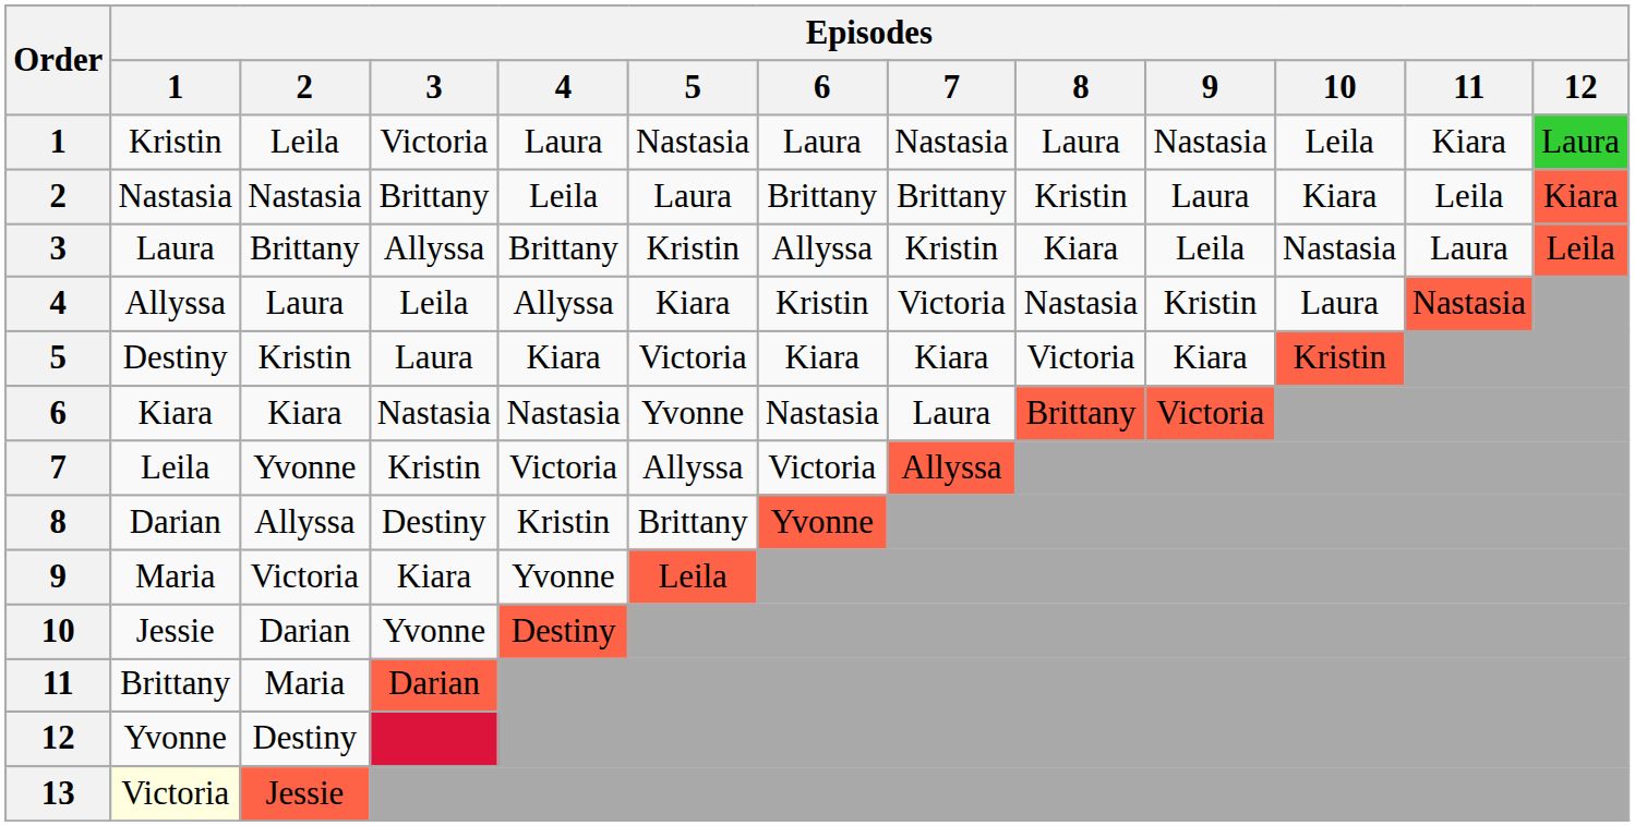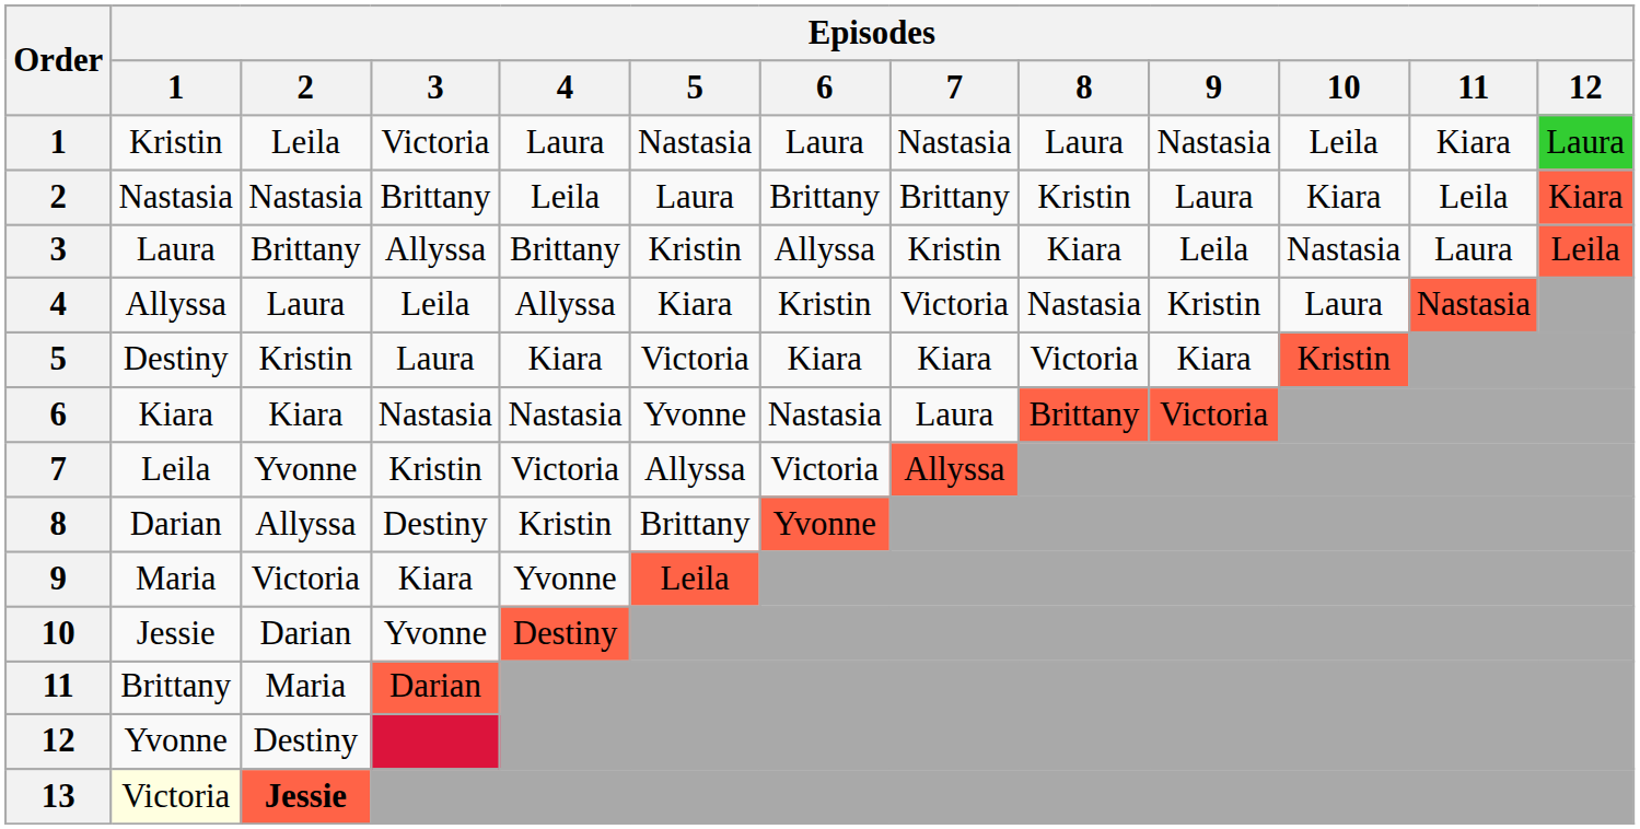 <table class="wikitable" style="text-align:center; font-size:92%">
 <tr>
 <th rowspan=2>Order</th>
 <th colspan="13">Episodes</th>
 </tr>
 <tr>
 <th>1</th>
 <th>2</th>
 <th>3</th>
 <th>4</th>
 <th>5</th>
 <th>6</th>
 <th>7</th>
 <th>8</th>
 <th>9</th>
 <th>10</th>
 <th>11</th>
 <th>12</th>
 </tr>
 <tr>
 <th>1</th>
 <td>Kristin</td>
 <td>Leila</td>
 <td>Victoria</td>
 <td>Laura</td>
 <td>Nastasia</td>
 <td>Laura</td>
 <td>Nastasia</td>
 <td>Laura</td>
 <td>Nastasia</td>
 <td>Leila</td>
 <td>Kiara</td>
 <td style="background:limegreen;">Laura</td>
 </tr>
 <tr>
 <th>2</th>
 <td>Nastasia</td>
 <td>Nastasia</td>
 <td>Brittany</td>
 <td>Leila</td>
 <td>Laura</td>
 <td>Brittany</td>
 <td>Brittany</td>
 <td>Kristin</td>
 <td>Laura</td>
 <td>Kiara</td>
 <td>Leila</td>
 <td bgcolor="tomato">Kiara</td>
 </tr>
 <tr>
 <th>3</th>
 <td>Laura</td>
 <td>Brittany</td>
 <td>Allyssa</td>
 <td>Brittany</td>
 <td>Kristin</td>
 <td>Allyssa</td>
 <td>Kristin</td>
 <td>Kiara</td>
 <td>Leila</td>
 <td>Nastasia</td>
 <td>Laura</td>
 <td bgcolor="tomato">Leila</td>
 </tr>
 <tr>
 <th>4</th>
 <td>Allyssa</td>
 <td>Laura</td>
 <td>Leila</td>
 <td>Allyssa</td>
 <td>Kiara</td>
 <td>Kristin</td>
 <td>Victoria</td>
 <td>Nastasia</td>
 <td>Kristin</td>
 <td>Laura</td>
 <td bgcolor="tomato">Nastasia</td>
 <td style="background:darkgray;"></td>
 </tr>
 <tr>
 <th>5</th>
 <td>Destiny</td>
 <td>Kristin</td>
 <td>Laura</td>
 <td>Kiara</td>
 <td>Victoria</td>
 <td>Kiara</td>
 <td>Kiara</td>
 <td>Victoria</td>
 <td>Kiara</td>
 <td bgcolor="tomato">Kristin</td>
 <td colspan="2" style="background:darkgray;"></td>
 </tr>
 <tr>
 <th>6</th>
 <td>Kiara</td>
 <td>Kiara</td>
 <td>Nastasia</td>
 <td>Nastasia</td>
 <td>Yvonne</td>
 <td>Nastasia</td>
 <td>Laura</td>
 <td bgcolor="tomato">Brittany</td>
 <td bgcolor="tomato">Victoria</td>
 <td colspan="3" style="background:darkgray;"></td>
 </tr>
 <tr>
 <th>7</th>
 <td>Leila</td>
 <td>Yvonne</td>
 <td>Kristin</td>
 <td>Victoria</td>
 <td>Allyssa</td>
 <td>Victoria</td>
 <td bgcolor="tomato">Allyssa</td>
 <td colspan="5" style="background:darkgrey;"></td>
 </tr>
 <tr>
 <th>8</th>
 <td>Darian</td>
 <td>Allyssa</td>
 <td>Destiny</td>
 <td>Kristin</td>
 <td>Brittany</td>
 <td bgcolor="tomato">Yvonne</td>
 <td colspan="7" style="background:darkgray;"></td>
 </tr>
 <tr>
 <th>9</th>
 <td>Maria</td>
 <td>Victoria</td>
 <td>Kiara</td>
 <td>Yvonne</td>
 <td bgcolor="tomato">Leila</td>
 <td colspan="8" style="background:darkgray;"></td>
 </tr>
 <tr>
 <th>10</th>
 <td>Jessie</td>
 <td>Darian</td>
 <td>Yvonne</td>
 <td bgcolor="tomato">Destiny</td>
 <td colspan="9" style="background:darkgray;"></td>
 </tr>
 <tr>
 <th>11</th>
 <td>Brittany</td>
 <td>Maria</td>
 <td bgcolor="tomato">Darian</td>
 <td rowspan="2" colspan="10" style="background:darkgray;"></td>
 </tr>
 <tr>
 <th>12</th>
 <td>Yvonne</td>
 <td>Destiny</td>
 <td bgcolor="crimson"></td>
 </tr>
 <tr>
 <th>13</th>
 <td style="background: lightyellow;">Victoria</td>
-<td bgcolor="tomato">Jessie</td>
+<td bgcolor="tomato"><strong>Jessie</strong></td>
 <td colspan="11" style="background:darkgray;"></td>
 </tr>
 </table>
